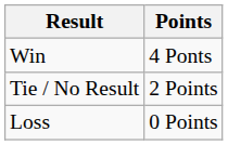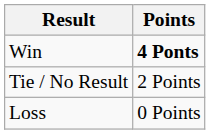 <table class="wikitable">
 <tr>
 <th>Result</th>
 <th>Points</th>
 </tr>
 <tr>
 <td>Win</td>
-<td>4 Ponts</td>
+<td><strong>4 Ponts</strong></td>
 </tr>
 <tr>
 <td>Tie / No Result</td>
 <td>2 Points</td>
 </tr>
 <tr>
 <td>Loss</td>
 <td>0 Points</td>
 </tr>
 </table>
